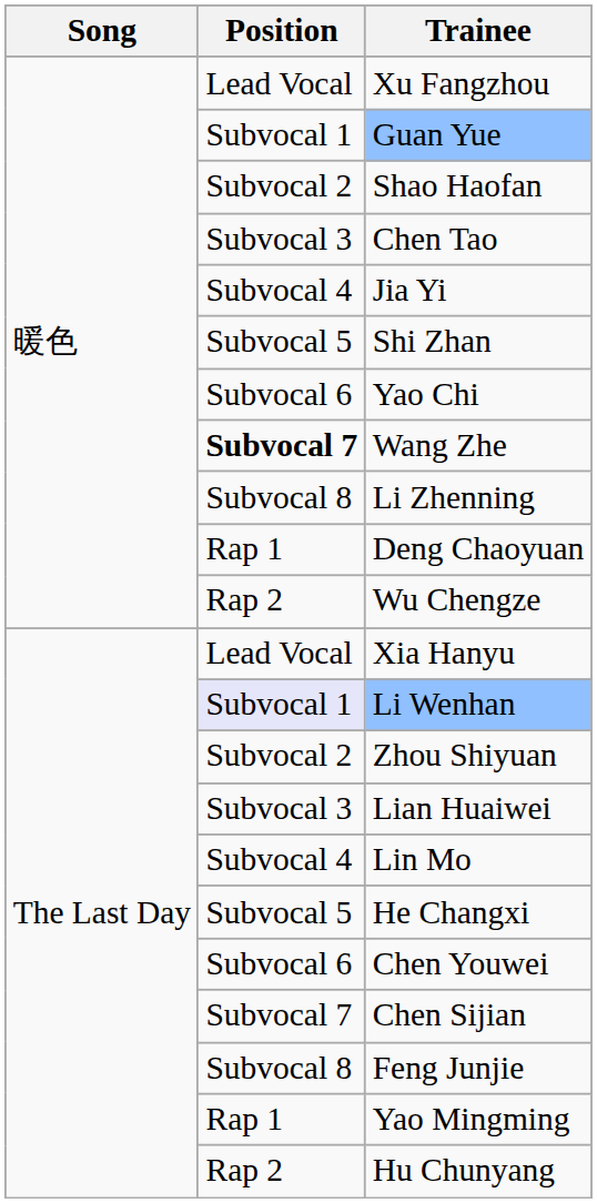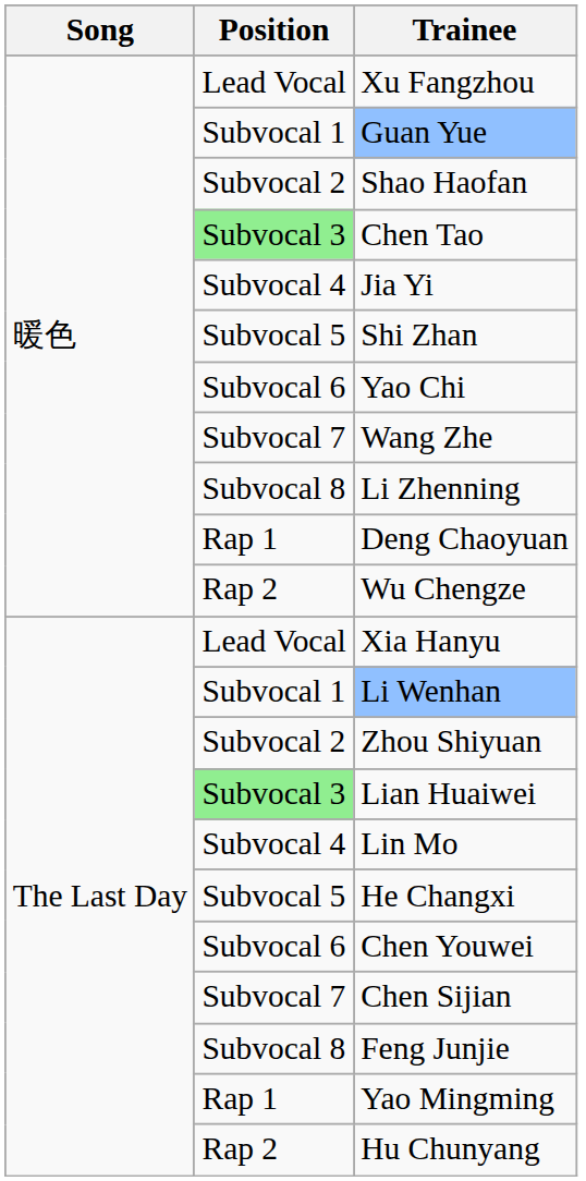 <table class="wikitable">
 <tr>
 <th>Song</th>
 <th>Position</th>
 <th>Trainee</th>
 </tr>
 <tr>
 <td rowspan="11">暖色</td>
 <td>Lead Vocal</td>
 <td>Xu Fangzhou</td>
 </tr>
 <tr>
 <td>Subvocal 1</td>
 <td style=background:#90C0FF>Guan Yue</td>
 </tr>
 <tr>
 <td>Subvocal 2</td>
 <td>Shao Haofan</td>
 </tr>
 <tr>
-<td>Subvocal 3</td>
+<td style="background: lightgreen;">Subvocal 3</td>
 <td>Chen Tao</td>
 </tr>
 <tr>
 <td>Subvocal 4</td>
 <td>Jia Yi</td>
 </tr>
 <tr>
 <td>Subvocal 5</td>
 <td>Shi Zhan</td>
 </tr>
 <tr>
 <td>Subvocal 6</td>
 <td>Yao Chi</td>
 </tr>
 <tr>
-<td><strong>Subvocal 7</strong></td>
+<td>Subvocal 7</td>
 <td>Wang Zhe</td>
 </tr>
 <tr>
 <td>Subvocal 8</td>
 <td>Li Zhenning</td>
 </tr>
 <tr>
 <td>Rap 1</td>
 <td>Deng Chaoyuan</td>
 </tr>
 <tr>
 <td>Rap 2</td>
 <td>Wu Chengze</td>
 </tr>
 <tr>
 <td rowspan="11">The Last Day</td>
 <td>Lead Vocal</td>
 <td>Xia Hanyu</td>
 </tr>
 <tr>
-<td style="background: lavender;">Subvocal 1</td>
+<td>Subvocal 1</td>
 <td style=background:#90C0FF>Li Wenhan</td>
 </tr>
 <tr>
 <td>Subvocal 2</td>
 <td>Zhou Shiyuan</td>
 </tr>
 <tr>
-<td>Subvocal 3</td>
+<td style="background: lightgreen;">Subvocal 3</td>
 <td>Lian Huaiwei</td>
 </tr>
 <tr>
 <td>Subvocal 4</td>
 <td>Lin Mo</td>
 </tr>
 <tr>
 <td>Subvocal 5</td>
 <td>He Changxi</td>
 </tr>
 <tr>
 <td>Subvocal 6</td>
 <td>Chen Youwei</td>
 </tr>
 <tr>
 <td>Subvocal 7</td>
 <td>Chen Sijian</td>
 </tr>
 <tr>
 <td>Subvocal 8</td>
 <td>Feng Junjie</td>
 </tr>
 <tr>
 <td>Rap 1</td>
 <td>Yao Mingming</td>
 </tr>
 <tr>
 <td>Rap 2</td>
 <td>Hu Chunyang</td>
 </tr>
 </table>
